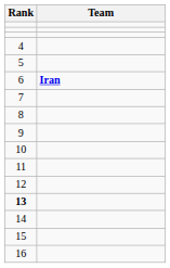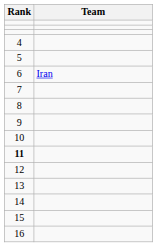 <table class="wikitable" style="text-align: center;">
 <tr>
 <th width=40>Rank</th>
 <th width=180>Team</th>
 </tr>
 <tr align=center>
 <td></td>
 <td style="text-align:left;"></td>
 </tr>
 <tr align=center>
 <td></td>
 <td style="text-align:left;"></td>
 </tr>
 <tr align=center>
 <td></td>
 <td style="text-align:left;"></td>
 </tr>
 <tr align=center>
 <td>4</td>
 <td style="text-align:left;"></td>
 </tr>
 <tr align=center>
 <td>5</td>
 <td style="text-align:left;"></td>
 </tr>
 <tr align=center>
 <td>6</td>
-<td style="text-align:left;"><strong> <a href='#'>Iran</a></strong></td>
+<td style="text-align:left;"> <a href='#'>Iran</a></td>
 </tr>
 <tr align=center>
 <td>7</td>
 <td style="text-align:left;"></td>
 </tr>
 <tr align=center>
 <td>8</td>
 <td style="text-align:left;"></td>
 </tr>
 <tr align=center>
 <td>9</td>
 <td style="text-align:left;"></td>
 </tr>
 <tr align=center>
 <td>10</td>
 <td style="text-align:left;"></td>
 </tr>
 <tr align=center>
-<td>11</td>
+<td><strong>11</strong></td>
 <td style="text-align:left;"></td>
 </tr>
 <tr align=center>
 <td>12</td>
 <td style="text-align:left;"></td>
 </tr>
 <tr align=center>
-<td><strong>13</strong></td>
+<td>13</td>
 <td style="text-align:left;"></td>
 </tr>
 <tr align=center>
 <td>14</td>
 <td style="text-align:left;"></td>
 </tr>
 <tr align=center>
 <td>15</td>
 <td style="text-align:left;"></td>
 </tr>
 <tr align=center>
 <td>16</td>
 <td style="text-align:left;"></td>
 </tr>
 </table>
